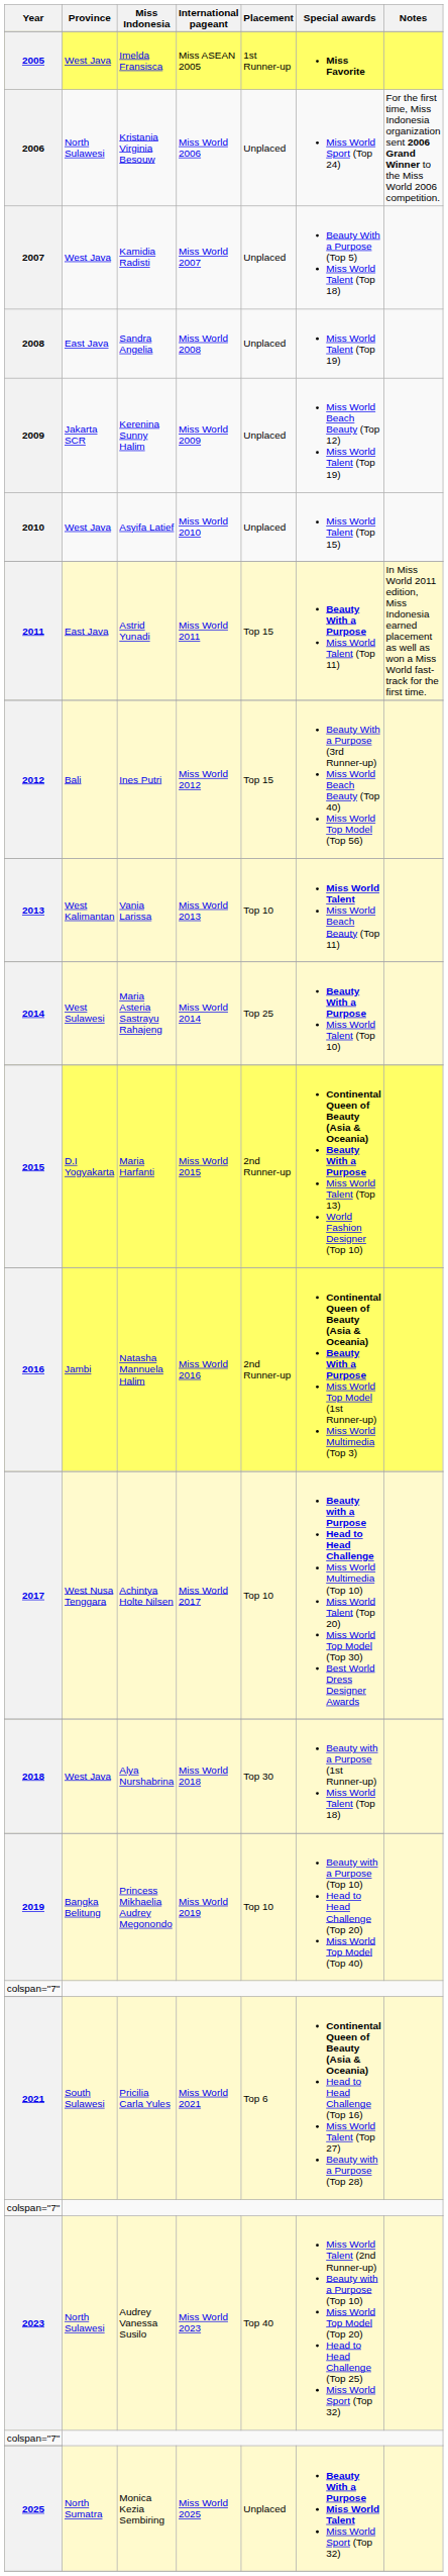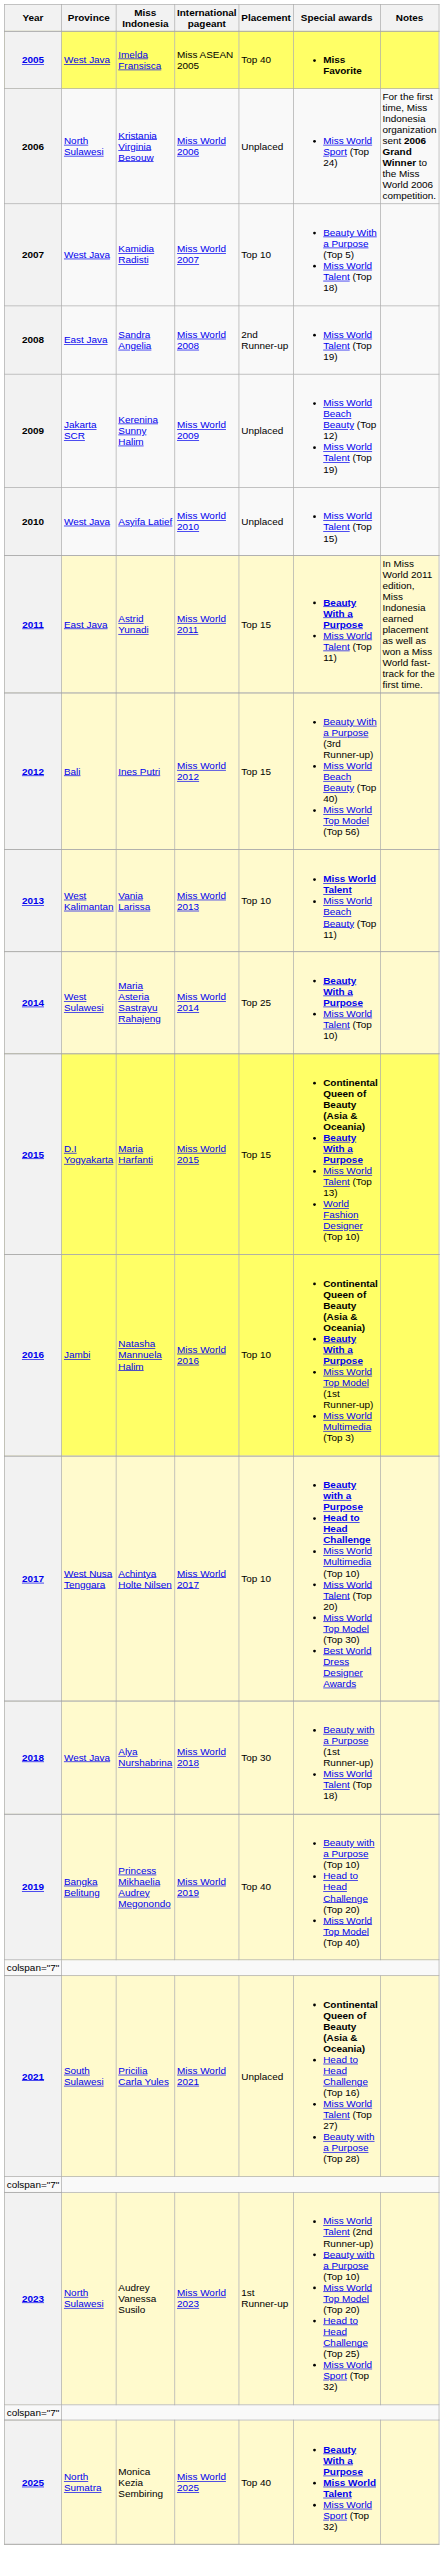 <table class="wikitable " style="font-size: 90%;">
 <tr>
 <th width="60">Year</th>
 <th width="150">Province</th>
 <th width="250">Miss Indonesia</th>
 <th width="250">International pageant</th>
 <th width="250">Placement</th>
 <th width="250">Special awards</th>
 <th width="250">Notes</th>
 </tr>
 <tr>
 </tr>
 <tr style="background-color:#FFFF66; ">
 <th><a href='#'>2005</a></th>
 <td><a href='#'>West Java</a></td>
 <td><a href='#'>Imelda Fransisca</a></td>
 <td>Miss ASEAN 2005</td>
-<td>1st Runner-up</td>
+<td>Top 40</td>
 <td align="left"><br><ul><li><strong>Miss Favorite</strong></li></ul></td>
 <td></td>
 </tr>
 <tr>
 <th>2006</th>
 <td><a href='#'>North Sulawesi</a></td>
 <td><a href='#'>Kristania Virginia Besouw</a></td>
 <td><a href='#'>Miss World 2006</a></td>
 <td>Unplaced</td>
 <td align="left"><br><ul><li><a href='#'>Miss World Sport</a> (Top 24)</li></ul></td>
 <td>For the first time, Miss Indonesia organization sent <strong>2006 Grand Winner</strong> to the Miss World 2006 competition.</td>
 </tr>
 <tr>
 <th>2007</th>
 <td><a href='#'>West Java</a></td>
 <td><a href='#'>Kamidia Radisti</a></td>
 <td><a href='#'>Miss World 2007</a></td>
-<td>Unplaced</td>
+<td>Top 10</td>
 <td align="left"><br><ul><li><a href='#'>Beauty With a Purpose</a> (Top 5)</li><li><a href='#'>Miss World Talent</a> (Top 18)</li></ul></td>
 <td></td>
 </tr>
 <tr>
 <th>2008</th>
 <td><a href='#'>East Java</a></td>
 <td><a href='#'>Sandra Angelia</a></td>
 <td><a href='#'>Miss World 2008</a></td>
-<td>Unplaced</td>
+<td>2nd Runner-up</td>
 <td align="left"><br><ul><li><a href='#'>Miss World Talent</a> (Top 19)</li></ul></td>
 <td></td>
 </tr>
 <tr>
 <th>2009</th>
 <td><a href='#'>Jakarta SCR</a></td>
 <td><a href='#'>Kerenina Sunny Halim</a></td>
 <td><a href='#'>Miss World 2009</a></td>
 <td>Unplaced</td>
 <td align="left"><br><ul><li><a href='#'>Miss World Beach Beauty</a> (Top 12)</li><li><a href='#'>Miss World Talent</a> (Top 19)</li></ul></td>
 <td></td>
 </tr>
 <tr>
 <th>2010</th>
 <td><a href='#'>West Java</a></td>
 <td><a href='#'>Asyifa Latief</a></td>
 <td><a href='#'>Miss World 2010</a></td>
 <td>Unplaced</td>
 <td align="left"><br><ul><li><a href='#'>Miss World Talent</a> (Top 15)</li></ul></td>
 <td></td>
 </tr>
 <tr>
 </tr>
 <tr style="background-color:#FFFACD;">
 <th><a href='#'>2011</a></th>
 <td><a href='#'>East Java</a></td>
 <td><a href='#'>Astrid Yunadi</a></td>
 <td><a href='#'>Miss World 2011</a></td>
 <td>Top 15</td>
 <td align="left"><br><ul><li><a href='#'><strong>Beauty With a Purpose</strong></a></li><li><a href='#'>Miss World Talent</a> (Top 11)</li></ul></td>
 <td>In Miss World 2011 edition, Miss Indonesia earned placement as well as won a Miss World fast-track for the first time.</td>
 </tr>
 <tr>
 </tr>
 <tr style="background-color:#FFFACD;">
 <th><a href='#'>2012</a></th>
 <td><a href='#'>Bali</a></td>
 <td><a href='#'>Ines Putri</a></td>
 <td><a href='#'>Miss World 2012</a></td>
 <td>Top 15</td>
 <td align="left"><br><ul><li><a href='#'>Beauty With a Purpose</a> (3rd Runner-up)</li><li><a href='#'>Miss World Beach Beauty</a> (Top 40)</li><li><a href='#'>Miss World Top Model</a> (Top 56)</li></ul></td>
 <td></td>
 </tr>
 <tr>
 </tr>
 <tr style="background-color:#FFFACD;">
 <th><a href='#'>2013</a></th>
 <td><a href='#'>West Kalimantan</a></td>
 <td><a href='#'>Vania Larissa</a></td>
 <td><a href='#'>Miss World 2013</a></td>
 <td>Top 10</td>
 <td align="left"><br><ul><li><a href='#'><strong>Miss World Talent</strong></a></li><li><a href='#'>Miss World Beach Beauty</a> (Top 11)</li></ul></td>
 <td></td>
 </tr>
 <tr>
 </tr>
 <tr style="background-color:#FFFACD;">
 <th><a href='#'>2014</a></th>
 <td><a href='#'>West Sulawesi</a></td>
 <td><a href='#'>Maria Asteria Sastrayu Rahajeng</a></td>
 <td><a href='#'>Miss World 2014</a></td>
 <td>Top 25</td>
 <td align="left"><br><ul><li><a href='#'><strong>Beauty With a Purpose</strong></a></li><li><a href='#'>Miss World Talent</a> (Top 10)</li></ul></td>
 <td></td>
 </tr>
 <tr>
 </tr>
 <tr style="background-color:#FFFF66;">
 <th><a href='#'>2015</a></th>
 <td><a href='#'>D.I Yogyakarta</a></td>
 <td><a href='#'>Maria Harfanti</a></td>
 <td><a href='#'>Miss World 2015</a></td>
-<td>2nd Runner-up</td>
+<td>Top 15</td>
 <td align="left"><br><ul><li><strong>Continental Queen of Beauty (Asia & Oceania)</strong></li><li><a href='#'><strong>Beauty With a Purpose</strong></a></li><li><a href='#'>Miss World Talent</a> (Top 13)</li><li><a href='#'>World Fashion Designer</a> (Top 10)</li></ul></td>
 <td></td>
 </tr>
 <tr>
 </tr>
 <tr style="background-color:#FFFF66;">
 <th><a href='#'>2016</a></th>
 <td><a href='#'>Jambi</a></td>
 <td><a href='#'>Natasha Mannuela Halim</a></td>
 <td><a href='#'>Miss World 2016</a></td>
-<td>2nd Runner-up</td>
+<td>Top 10</td>
 <td align="left"><br><ul><li><strong>Continental Queen of Beauty (Asia & Oceania)</strong></li><li><a href='#'><strong>Beauty With a Purpose</strong></a></li><li><a href='#'>Miss World Top Model</a> (1st Runner-up)</li><li><a href='#'>Miss World Multimedia</a> (Top 3)</li></ul></td>
 <td></td>
 </tr>
 <tr>
 </tr>
 <tr style="background-color:#FFFACD;">
 <th><a href='#'>2017</a></th>
 <td><a href='#'>West Nusa Tenggara</a></td>
 <td><a href='#'>Achintya Holte Nilsen</a></td>
 <td><a href='#'>Miss World 2017</a></td>
 <td>Top 10</td>
 <td align="left"><br><ul><li><a href='#'><strong>Beauty with a Purpose</strong></a></li><li><a href='#'><strong>Head to Head Challenge</strong></a></li><li><a href='#'>Miss World Multimedia</a> (Top 10)</li><li><a href='#'>Miss World Talent</a> (Top 20)</li><li><a href='#'>Miss World Top Model</a> (Top 30)</li><li><a href='#'>Best World Dress Designer Awards</a></li></ul></td>
 <td></td>
 </tr>
 <tr>
 </tr>
 <tr style="background-color:#FFFACD;">
 <th><a href='#'>2018</a></th>
 <td><a href='#'>West Java</a></td>
 <td><a href='#'>Alya Nurshabrina</a></td>
 <td><a href='#'>Miss World 2018</a></td>
 <td>Top 30</td>
 <td align="left"><br><ul><li><a href='#'>Beauty with a Purpose</a> (1st Runner-up)</li><li><a href='#'>Miss World Talent</a> (Top 18)</li></ul></td>
 <td></td>
 </tr>
 <tr>
 </tr>
 <tr style="background-color:#FFFACD;">
 <th><a href='#'>2019</a></th>
 <td><a href='#'>Bangka Belitung</a></td>
 <td><a href='#'>Princess Mikhaelia Audrey Megonondo</a></td>
 <td><a href='#'>Miss World 2019</a></td>
-<td>Top 10</td>
+<td>Top 40</td>
 <td align="left"><br><ul><li><a href='#'>Beauty with a Purpose</a> (Top 10)</li><li><a href='#'>Head to Head Challenge</a> (Top 20)</li><li><a href='#'>Miss World Top Model</a> (Top 40)</li></ul></td>
 <td></td>
 </tr>
 <tr>
 <td>colspan="7" </td>
 </tr>
 <tr>
 </tr>
 <tr style="background-color:#FFFACD;">
 <th><a href='#'>2021</a></th>
 <td><a href='#'>South Sulawesi</a></td>
 <td><a href='#'>Pricilia Carla Yules</a></td>
 <td><a href='#'>Miss World 2021</a></td>
-<td>Top 6</td>
+<td>Unplaced</td>
 <td align="left"><br><ul><li><strong>Continental Queen of Beauty (Asia & Oceania)</strong></li><li><a href='#'>Head to Head Challenge</a> (Top 16)</li><li><a href='#'>Miss World Talent</a> (Top 27)</li><li><a href='#'>Beauty with a Purpose</a> (Top 28)</li></ul></td>
 <td></td>
 </tr>
 <tr>
 <td>colspan="7" </td>
 </tr>
 <tr>
 </tr>
 <tr style="background-color:#FFFACD;">
 <th><a href='#'>2023</a></th>
 <td><a href='#'>North Sulawesi</a></td>
 <td>Audrey Vanessa Susilo</td>
 <td><a href='#'>Miss World 2023</a></td>
-<td>Top 40</td>
+<td>1st Runner-up</td>
 <td align="left"><br><ul><li><a href='#'>Miss World Talent</a> (2nd Runner-up)</li><li><a href='#'>Beauty with a Purpose</a> (Top 10)</li><li><a href='#'>Miss World Top Model</a> (Top 20)</li><li><a href='#'>Head to Head Challenge</a> (Top 25)</li><li><a href='#'>Miss World Sport</a> (Top 32)</li></ul></td>
 <td></td>
 </tr>
 <tr>
 <td>colspan="7" </td>
 </tr>
 <tr>
 </tr>
 <tr style="background-color:#FFFACD;">
 <th><a href='#'>2025</a></th>
 <td><a href='#'>North Sumatra</a></td>
 <td>Monica Kezia Sembiring</td>
 <td><a href='#'>Miss World 2025</a></td>
-<td>Unplaced</td>
+<td>Top 40</td>
 <td align="left"><br><ul><li><a href='#'><strong>Beauty With a Purpose</strong></a></li><li><a href='#'><strong>Miss World Talent</strong></a></li><li><a href='#'>Miss World Sport</a> (Top 32)</li></ul></td>
 <td></td>
 </tr>
 <tr>
 </tr>
 </table>
